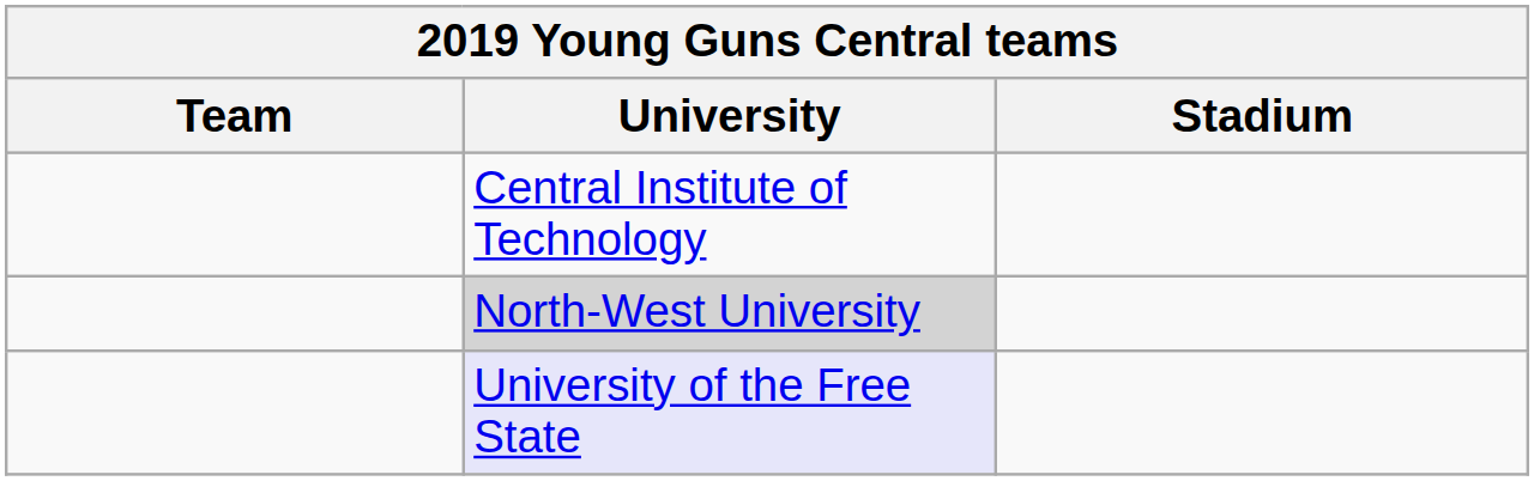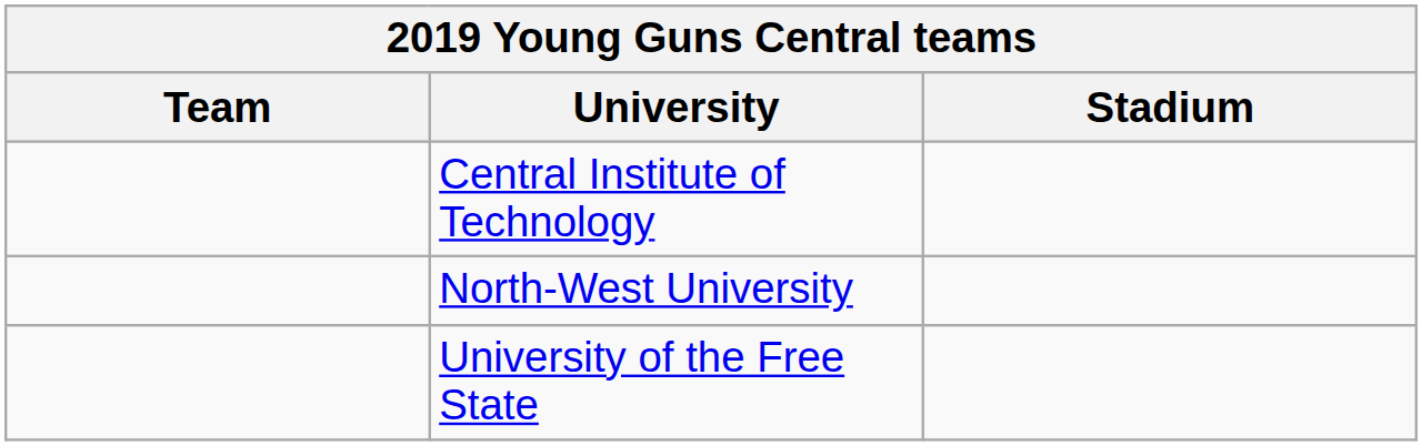 <table class="wikitable sortable" style="text-align:left; font-size:100%; width:60%">
 <tr>
 <th colspan="100%">2019 Young Guns Central teams</th>
 </tr>
 <tr>
 <th style="width:30%;">Team</th>
 <th style="width:35%;">University</th>
 <th style="width:35%;">Stadium</th>
 </tr>
 <tr>
 <td></td>
 <td><a href='#'>Central Institute of Technology</a></td>
 <td></td>
 </tr>
 <tr>
 <td></td>
-<td style="background: lightgrey;"><a href='#'>North-West University</a></td>
+<td><a href='#'>North-West University</a></td>
 <td></td>
 </tr>
 <tr>
 <td></td>
-<td style="background: lavender;"><a href='#'>University of the Free State</a></td>
+<td><a href='#'>University of the Free State</a></td>
 <td></td>
 </tr>
 </table>
